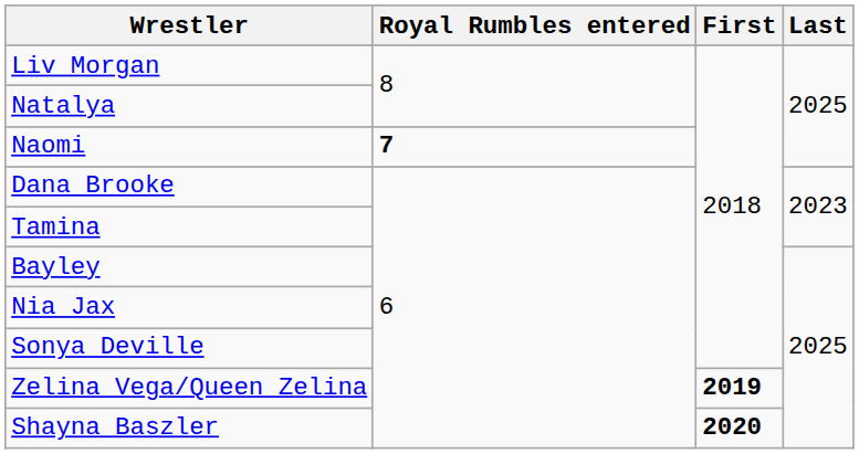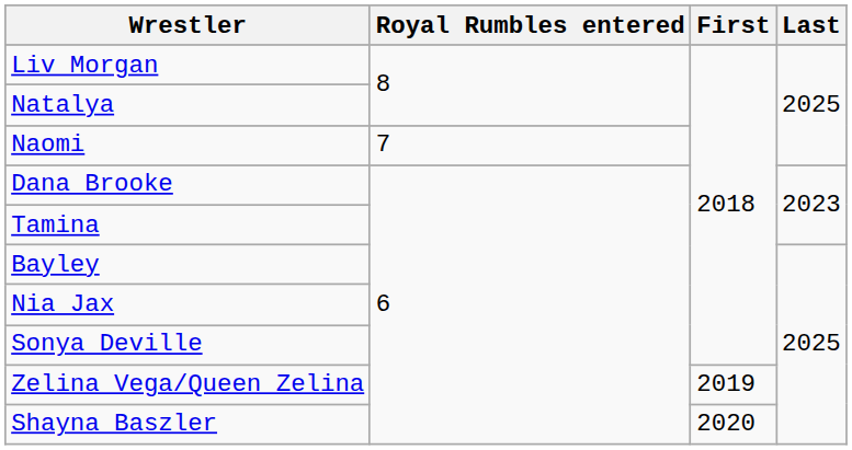 <table class="wikitable sortable">
 <tr>
 <th>Wrestler</th>
 <th>Royal Rumbles entered</th>
 <th>First</th>
 <th>Last</th>
 </tr>
 <tr>
 <td><a href='#'>Liv Morgan</a></td>
 <td rowspan="2">8</td>
 <td rowspan="8">2018</td>
 <td rowspan="3">2025</td>
 </tr>
 <tr>
 <td><a href='#'>Natalya</a></td>
 </tr>
 <tr>
 <td><a href='#'>Naomi</a></td>
-<td><strong>7</strong></td>
+<td>7</td>
 </tr>
 <tr>
 <td><a href='#'>Dana Brooke</a></td>
 <td rowspan="7">6</td>
 <td rowspan="2">2023</td>
 </tr>
 <tr>
 <td><a href='#'>Tamina</a></td>
 </tr>
 <tr>
 <td><a href='#'>Bayley</a></td>
 <td rowspan="5">2025</td>
 </tr>
 <tr>
 <td><a href='#'>Nia Jax</a></td>
 </tr>
 <tr>
 <td><a href='#'>Sonya Deville</a></td>
 </tr>
 <tr>
 <td><a href='#'>Zelina Vega/Queen Zelina</a></td>
-<td><strong>2019</strong></td>
+<td>2019</td>
 </tr>
 <tr>
 <td><a href='#'>Shayna Baszler</a></td>
-<td><strong>2020</strong></td>
+<td>2020</td>
 </tr>
 </table>
